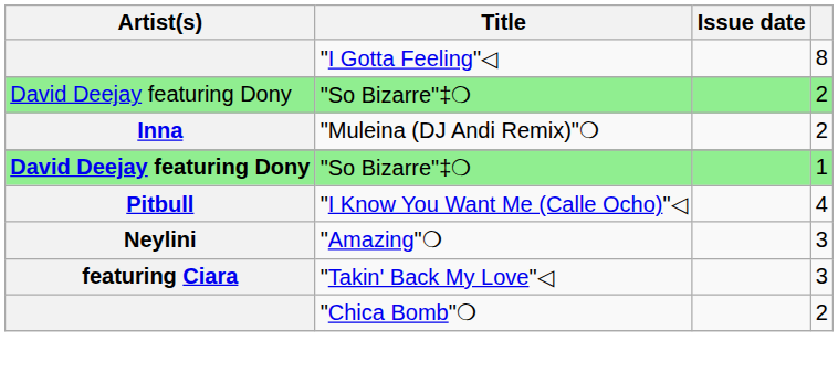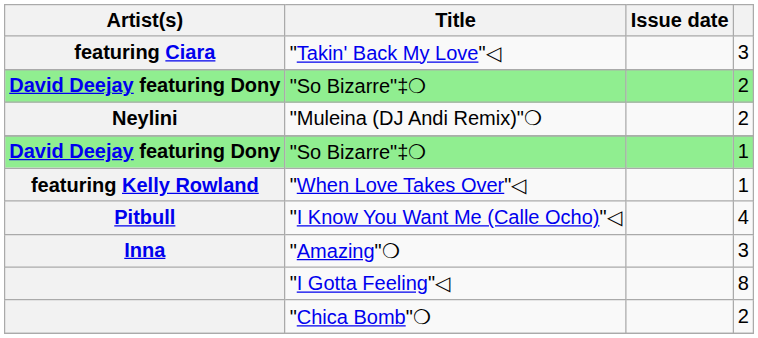 <table class="sortable wikitable sortable plainrowheaders">
 <tr>
 <th>Artist(s)</th>
 <th>Title</th>
 <th>Issue date</th>
 <th></th>
 </tr>
 <tr>
-<th scope="row"></th>
-<td>"<a href='#'>I Gotta Feeling</a>"◁</td>
+<th scope="row"> featuring <a href='#'>Ciara</a></th>
+<td>"<a href='#'>Takin' Back My Love</a>"◁</td>
 <td></td>
-<td style="text-align:center;">8</td>
+<td style="text-align:center;">3</td>
 </tr>
 <tr>
 </tr>
 <tr style="background-color:lightgreen">
-<td><a href='#'>David Deejay</a> featuring Dony</td>
+<td><strong><a href='#'>David Deejay</a> featuring Dony</strong></td>
 <td>"So Bizarre"‡❍</td>
 <td></td>
 <td style="text-align:center;">2</td>
 </tr>
 <tr>
-<th scope="row"><a href='#'>Inna</a></th>
+<th scope="row">Neylini</th>
 <td>"Muleina (DJ Andi Remix)"❍</td>
 <td></td>
 <td style="text-align:center;">2</td>
 </tr>
 <tr>
 </tr>
 <tr style="background-color:lightgreen">
 <td><strong><a href='#'>David Deejay</a> featuring Dony</strong></td>
 <td>"So Bizarre"‡❍</td>
 <td></td>
 <td style="text-align:center;">1</td>
 </tr>
 <tr>
+<th scope="row"> featuring <a href='#'>Kelly Rowland</a></th>
+<td>"<a href='#'>When Love Takes Over</a>"◁</td>
+<td></td>
+<td style="text-align:center;">1</td>
+</tr>
+<tr>
 <th scope="row"><a href='#'>Pitbull</a></th>
 <td>"<a href='#'>I Know You Want Me (Calle Ocho)</a>"◁</td>
 <td></td>
 <td style="text-align:center;">4</td>
 </tr>
 <tr>
-<th scope="row">Neylini</th>
+<th scope="row"><a href='#'>Inna</a></th>
 <td>"<a href='#'>Amazing</a>"❍</td>
 <td></td>
 <td style="text-align:center;">3</td>
 </tr>
 <tr>
-<th scope="row"> featuring <a href='#'>Ciara</a></th>
-<td>"<a href='#'>Takin' Back My Love</a>"◁</td>
+<th scope="row"></th>
+<td>"<a href='#'>I Gotta Feeling</a>"◁</td>
 <td></td>
-<td style="text-align:center;">3</td>
+<td style="text-align:center;">8</td>
 </tr>
 <tr>
 <th scope="row"></th>
 <td>"<a href='#'>Chica Bomb</a>"❍</td>
 <td></td>
 <td style="text-align:center;">2</td>
 </tr>
 <tr>
 </tr>
 </table>
